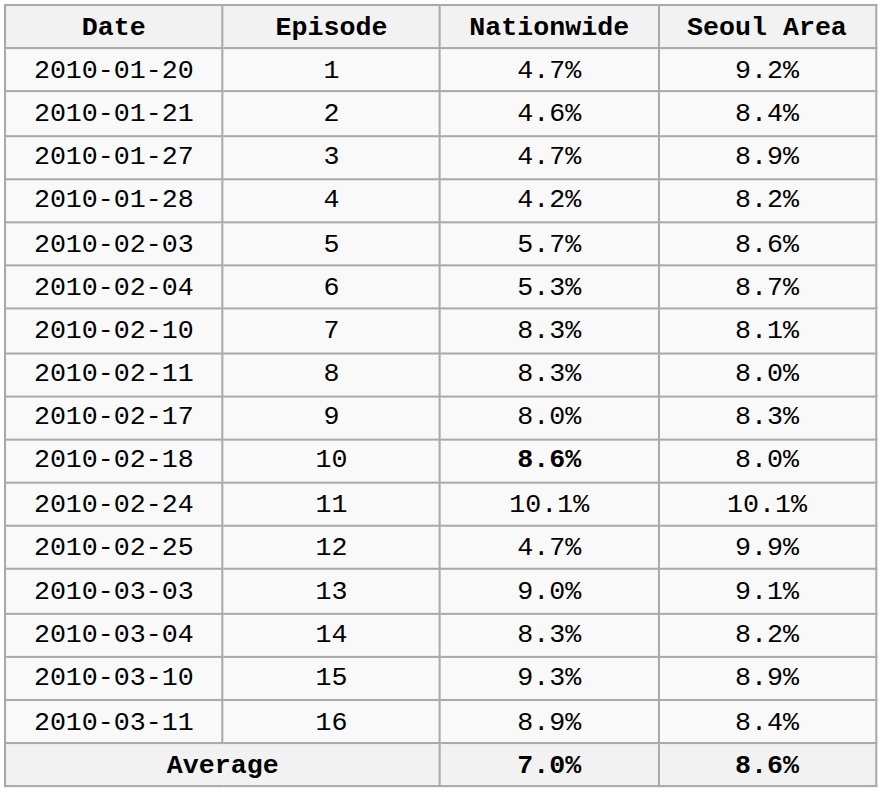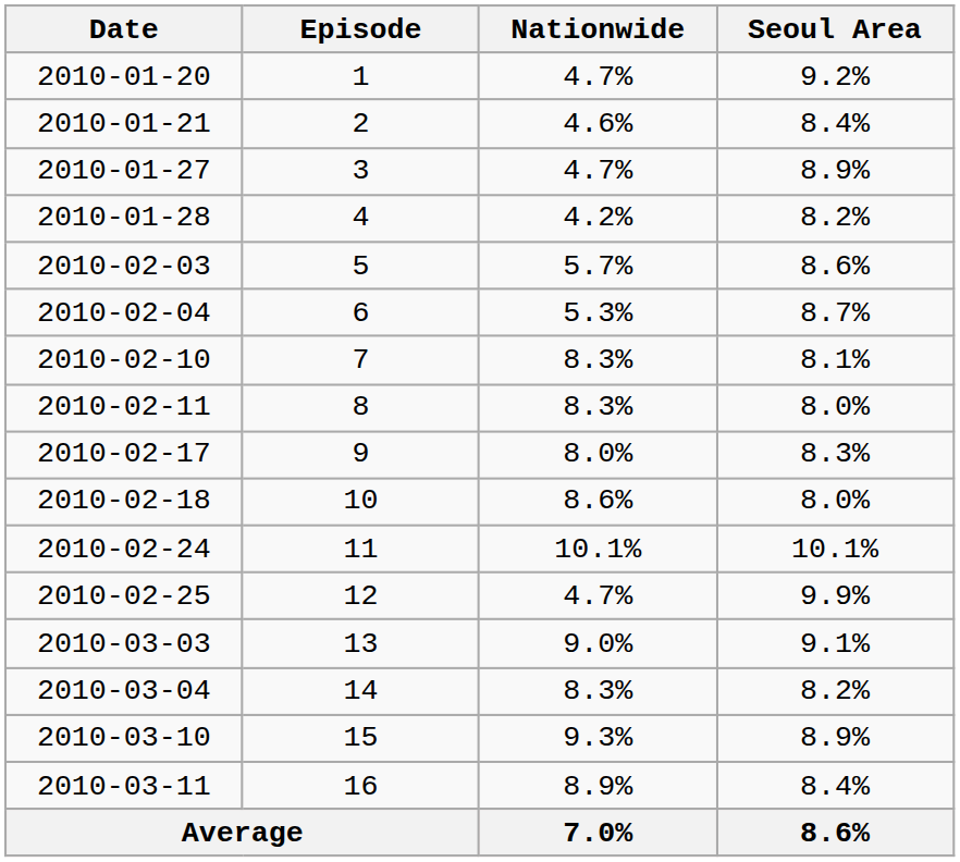 <table class="wikitable">
 <tr>
 <th width="100" bgcolor="#FFCCCC">Date</th>
 <th width="100" bgcolor="#FFCCCC">Episode</th>
 <th width="100" bgcolor="#FFCCCC">Nationwide</th>
 <th width="100" bgcolor="#FFCCCC">Seoul Area</th>
 </tr>
 <tr align=center>
 <td>2010-01-20</td>
 <td>1</td>
 <td>4.7%</td>
 <td>9.2%</td>
 </tr>
 <tr align=center>
 <td>2010-01-21</td>
 <td>2</td>
 <td>4.6%</td>
 <td>8.4%</td>
 </tr>
 <tr align=center>
 <td>2010-01-27</td>
 <td>3</td>
 <td>4.7%</td>
 <td>8.9%</td>
 </tr>
 <tr align=center>
 <td>2010-01-28</td>
 <td>4</td>
 <td>4.2%</td>
 <td>8.2%</td>
 </tr>
 <tr align=center>
 <td>2010-02-03</td>
 <td>5</td>
 <td>5.7%</td>
 <td>8.6%</td>
 </tr>
 <tr align=center>
 <td>2010-02-04</td>
 <td>6</td>
 <td>5.3%</td>
 <td>8.7%</td>
 </tr>
 <tr align=center>
 <td>2010-02-10</td>
 <td>7</td>
 <td>8.3%</td>
 <td>8.1%</td>
 </tr>
 <tr align=center>
 <td>2010-02-11</td>
 <td>8</td>
 <td>8.3%</td>
 <td>8.0%</td>
 </tr>
 <tr align=center>
 <td>2010-02-17</td>
 <td>9</td>
 <td>8.0%</td>
 <td>8.3%</td>
 </tr>
 <tr align=center>
 <td>2010-02-18</td>
 <td>10</td>
-<td><strong>8.6%</strong></td>
+<td>8.6%</td>
 <td>8.0%</td>
 </tr>
 <tr align=center>
 <td>2010-02-24</td>
 <td>11</td>
 <td>10.1%</td>
 <td>10.1%</td>
 </tr>
 <tr align=center>
 <td>2010-02-25</td>
 <td>12</td>
 <td>4.7%</td>
 <td>9.9%</td>
 </tr>
 <tr align=center>
 <td>2010-03-03</td>
 <td>13</td>
 <td>9.0%</td>
 <td>9.1%</td>
 </tr>
 <tr align=center>
 <td>2010-03-04</td>
 <td>14</td>
 <td>8.3%</td>
 <td>8.2%</td>
 </tr>
 <tr align=center>
 <td>2010-03-10</td>
 <td>15</td>
 <td>9.3%</td>
 <td>8.9%</td>
 </tr>
 <tr align=center>
 <td>2010-03-11</td>
 <td>16</td>
 <td>8.9%</td>
 <td>8.4%</td>
 </tr>
 <tr align="center" style="background:#FFCCCC;">
 <th colspan="2">Average</th>
 <th>7.0%</th>
 <th>8.6%</th>
 </tr>
 </table>
